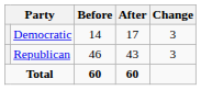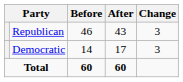 <table class="wikitable" style="text-align:center;">
 <tr>
 <th colspan="2">Party</th>
 <th>Before</th>
 <th>After</th>
 <th>Change</th>
 </tr>
 <tr>
 <th style="background-color:"></th>
-<td style="text-align:left;"><a href='#'>Democratic</a></td>
-<td>14</td>
-<td>17</td>
+<td style="text-align:left;"><a href='#'>Republican</a></td>
+<td>46</td>
+<td>43</td>
 <td> 3</td>
 </tr>
 <tr>
 <th style="background-color:"></th>
-<td style="text-align:left;"><a href='#'>Republican</a></td>
-<td>46</td>
-<td>43</td>
+<td style="text-align:left;"><a href='#'>Democratic</a></td>
+<td>14</td>
+<td>17</td>
 <td> 3</td>
 </tr>
 <tr>
 <td colspan="2"><strong>Total</strong></td>
 <td><strong>60</strong></td>
 <td><strong>60</strong></td>
 <td></td>
 </tr>
 </table>
